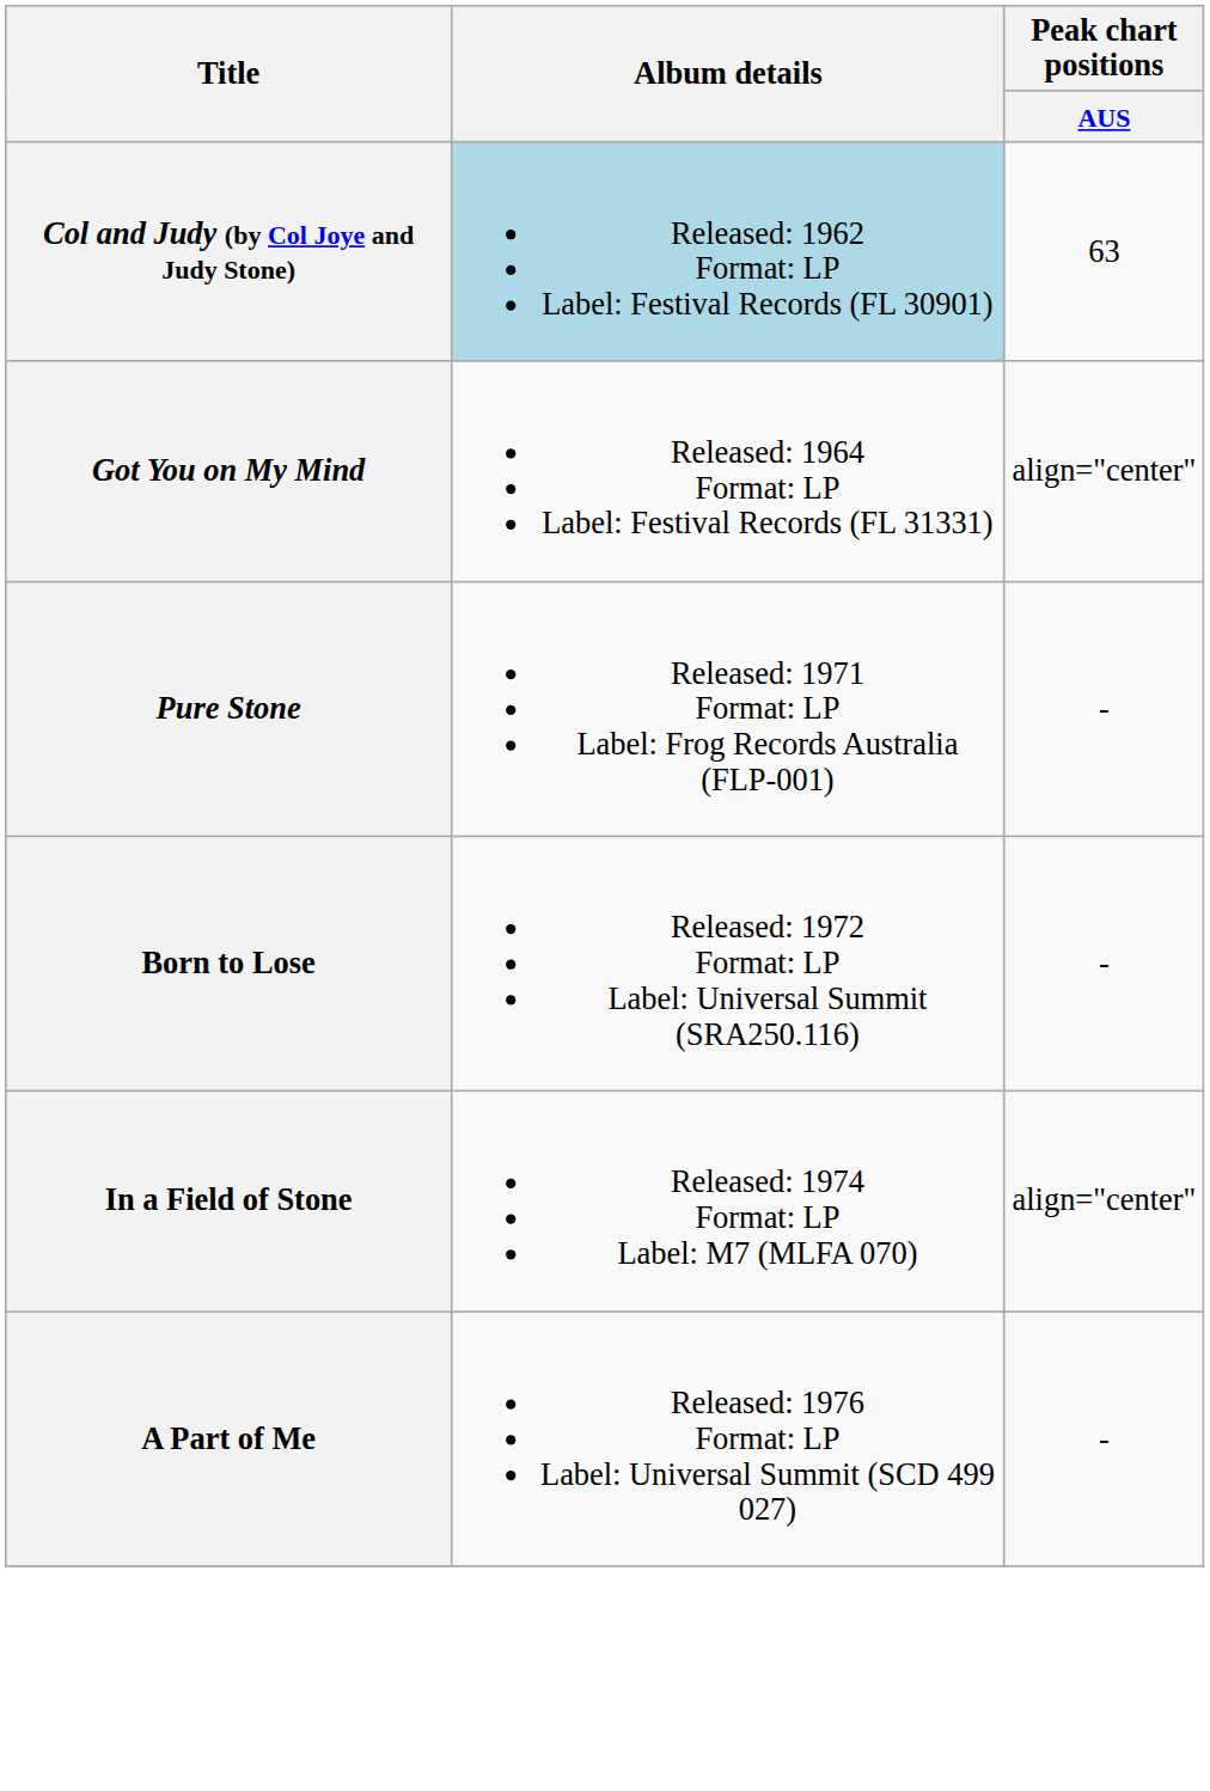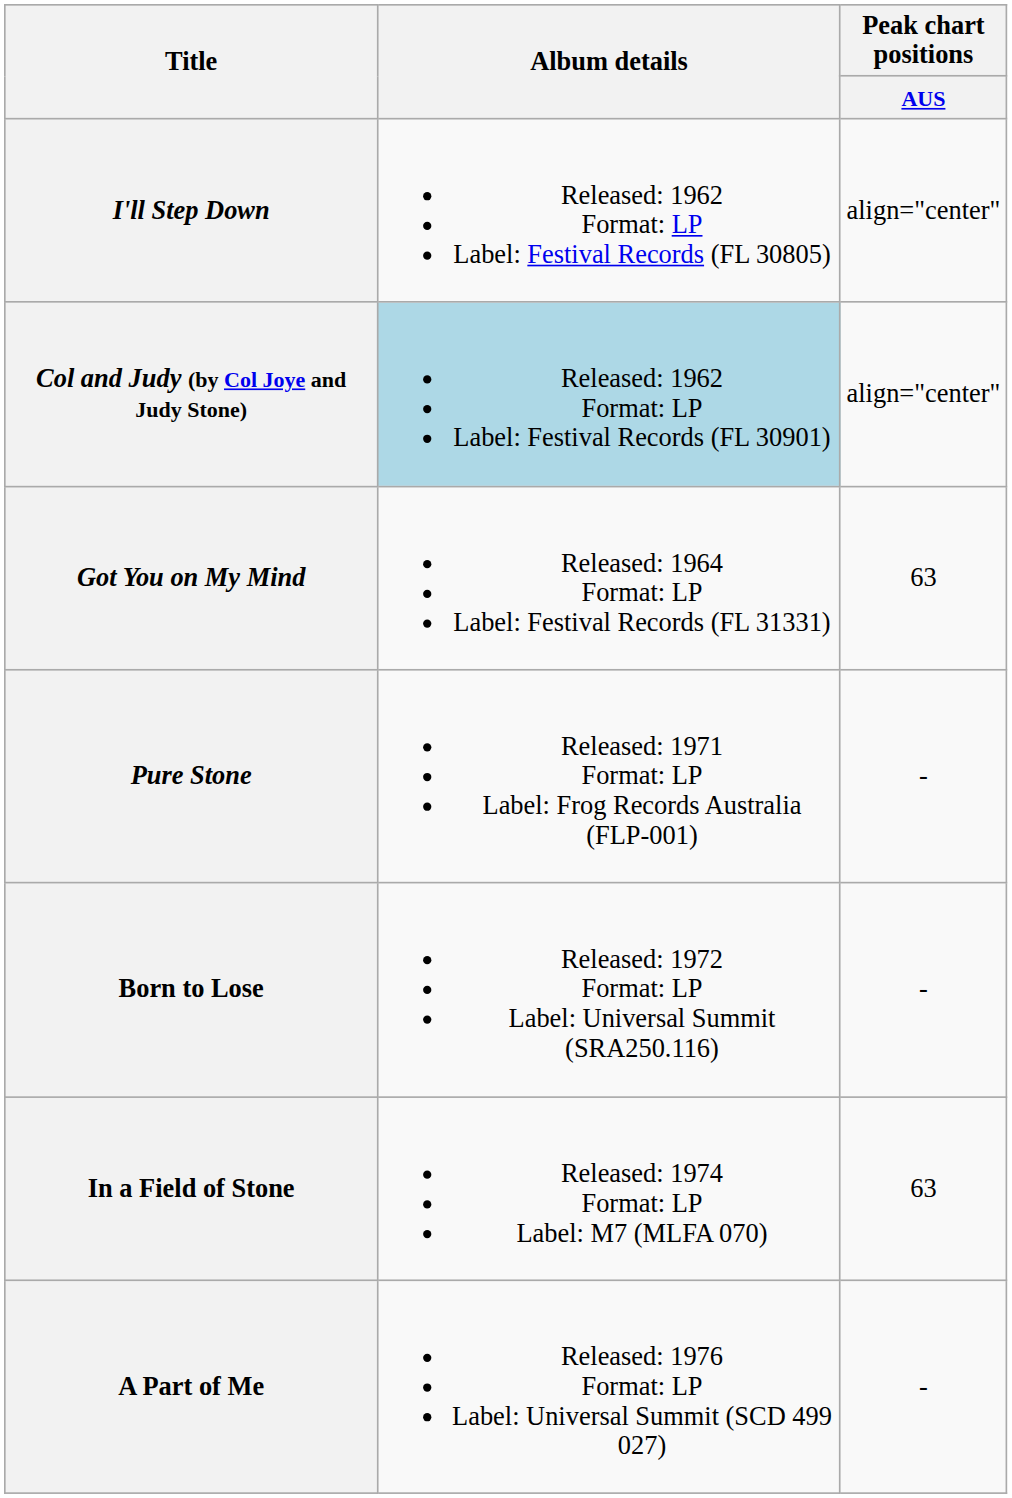 <table class="wikitable plainrowheaders" style="text-align:center;" border="1">
 <tr>
 <th scope="col" rowspan="2">Title</th>
 <th scope="col" rowspan="2">Album details</th>
 <th scope="col" colspan="1">Peak chart<br>positions</th>
 </tr>
 <tr>
 <th scope="col" style="text-align:center;"><small><a href='#'>AUS</a><br></small></th>
 </tr>
 <tr>
+<th scope="row"><em>I'll Step Down</em></th>
+<td><br><ul><li>Released: 1962</li><li>Format: <a href='#'>LP</a></li><li>Label: <a href='#'>Festival Records</a> (FL 30805)</li></ul></td>
+<td>align="center" </td>
+</tr>
+<tr>
 <th scope="row"><em>Col and Judy</em> <small>(by <a href='#'>Col Joye</a> and Judy Stone)</small></th>
 <td style="background: lightblue;"><br><ul><li>Released: 1962</li><li>Format: LP</li><li>Label: Festival Records (FL 30901)</li></ul></td>
-<td align="center">63</td>
+<td>align="center" </td>
 </tr>
 <tr>
 <th scope="row"><em>Got You on My Mind</em></th>
 <td><br><ul><li>Released: 1964</li><li>Format: LP</li><li>Label: Festival Records (FL 31331)</li></ul></td>
-<td>align="center" </td>
+<td align="center">63</td>
 </tr>
 <tr>
 <th scope="row"><em>Pure Stone<strong></th>
 <td><br><ul><li>Released: 1971</li><li>Format: LP</li><li>Label: Frog Records Australia (FLP-001)</li></ul></td>
 <td align="center">-</td>
 </tr>
 <tr>
 <th scope="row"></em>Born to Lose<em></th>
 <td><br><ul><li>Released: 1972</li><li>Format: LP</li><li>Label: Universal Summit (SRA250.116)</li></ul></td>
 <td align="center">-</td>
 </tr>
 <tr>
 <th scope="row"></em>In a Field of Stone<em></th>
 <td><br><ul><li>Released: 1974</li><li>Format: LP</li><li>Label: M7 (MLFA 070)</li></ul></td>
-<td>align="center" </td>
+<td align="center">63</td>
 </tr>
 <tr>
 <th scope="row"></em>A Part of Me<em></th>
 <td><br><ul><li>Released: 1976</li><li>Format: LP</li><li>Label: Universal Summit (SCD 499 027)</li></ul></td>
 <td align="center">-</td>
 </tr>
 </table>
